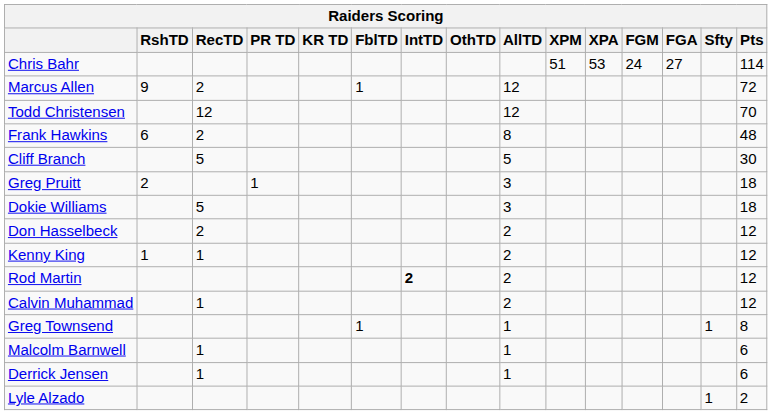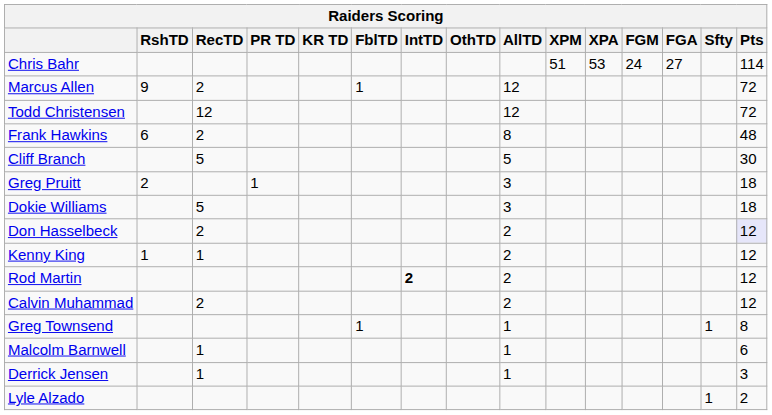 <table class="wikitable">
 <tr>
 <th colspan="15">Raiders Scoring</th>
 </tr>
 <tr>
 <th></th>
 <th>RshTD</th>
 <th>RecTD</th>
 <th>PR TD</th>
 <th>KR TD</th>
 <th>FblTD</th>
 <th>IntTD</th>
 <th>OthTD</th>
 <th>AllTD</th>
 <th>XPM</th>
 <th>XPA</th>
 <th>FGM</th>
 <th>FGA</th>
 <th>Sfty</th>
 <th>Pts</th>
 </tr>
 <tr>
 <td><a href='#'>Chris Bahr</a></td>
 <td></td>
 <td></td>
 <td></td>
 <td></td>
 <td></td>
 <td></td>
 <td></td>
 <td></td>
 <td>51</td>
 <td>53</td>
 <td>24</td>
 <td>27</td>
 <td></td>
 <td>114</td>
 </tr>
 <tr>
 <td><a href='#'>Marcus Allen</a></td>
 <td>9</td>
 <td>2</td>
 <td></td>
 <td></td>
 <td>1</td>
 <td></td>
 <td></td>
 <td>12</td>
 <td></td>
 <td></td>
 <td></td>
 <td></td>
 <td></td>
 <td>72</td>
 </tr>
 <tr>
 <td><a href='#'>Todd Christensen</a></td>
 <td></td>
 <td>12</td>
 <td></td>
 <td></td>
 <td></td>
 <td></td>
 <td></td>
 <td>12</td>
 <td></td>
 <td></td>
 <td></td>
 <td></td>
 <td></td>
-<td>70</td>
+<td>72</td>
 </tr>
 <tr>
 <td><a href='#'>Frank Hawkins</a></td>
 <td>6</td>
 <td>2</td>
 <td></td>
 <td></td>
 <td></td>
 <td></td>
 <td></td>
 <td>8</td>
 <td></td>
 <td></td>
 <td></td>
 <td></td>
 <td></td>
 <td>48</td>
 </tr>
 <tr>
 <td><a href='#'>Cliff Branch</a></td>
 <td></td>
 <td>5</td>
 <td></td>
 <td></td>
 <td></td>
 <td></td>
 <td></td>
 <td>5</td>
 <td></td>
 <td></td>
 <td></td>
 <td></td>
 <td></td>
 <td>30</td>
 </tr>
 <tr>
 <td><a href='#'>Greg Pruitt</a></td>
 <td>2</td>
 <td></td>
 <td>1</td>
 <td></td>
 <td></td>
 <td></td>
 <td></td>
 <td>3</td>
 <td></td>
 <td></td>
 <td></td>
 <td></td>
 <td></td>
 <td>18</td>
 </tr>
 <tr>
 <td><a href='#'>Dokie Williams</a></td>
 <td></td>
 <td>5</td>
 <td></td>
 <td></td>
 <td></td>
 <td></td>
 <td></td>
 <td>3</td>
 <td></td>
 <td></td>
 <td></td>
 <td></td>
 <td></td>
 <td>18</td>
 </tr>
 <tr>
 <td><a href='#'>Don Hasselbeck</a></td>
 <td></td>
 <td>2</td>
 <td></td>
 <td></td>
 <td></td>
 <td></td>
 <td></td>
 <td>2</td>
 <td></td>
 <td></td>
 <td></td>
 <td></td>
 <td></td>
-<td>12</td>
+<td style="background: lavender;">12</td>
 </tr>
 <tr>
 <td><a href='#'>Kenny King</a></td>
 <td>1</td>
 <td>1</td>
 <td></td>
 <td></td>
 <td></td>
 <td></td>
 <td></td>
 <td>2</td>
 <td></td>
 <td></td>
 <td></td>
 <td></td>
 <td></td>
 <td>12</td>
 </tr>
 <tr>
 <td><a href='#'>Rod Martin</a></td>
 <td></td>
 <td></td>
 <td></td>
 <td></td>
 <td></td>
 <td><strong>2</strong></td>
 <td></td>
 <td>2</td>
 <td></td>
 <td></td>
 <td></td>
 <td></td>
 <td></td>
 <td>12</td>
 </tr>
 <tr>
 <td><a href='#'>Calvin Muhammad</a></td>
 <td></td>
-<td>1</td>
+<td>2</td>
 <td></td>
 <td></td>
 <td></td>
 <td></td>
 <td></td>
 <td>2</td>
 <td></td>
 <td></td>
 <td></td>
 <td></td>
 <td></td>
 <td>12</td>
 </tr>
 <tr>
 <td><a href='#'>Greg Townsend</a></td>
 <td></td>
 <td></td>
 <td></td>
 <td></td>
 <td>1</td>
 <td></td>
 <td></td>
 <td>1</td>
 <td></td>
 <td></td>
 <td></td>
 <td></td>
 <td>1</td>
 <td>8</td>
 </tr>
 <tr>
 <td><a href='#'>Malcolm Barnwell</a></td>
 <td></td>
 <td>1</td>
 <td></td>
 <td></td>
 <td></td>
 <td></td>
 <td></td>
 <td>1</td>
 <td></td>
 <td></td>
 <td></td>
 <td></td>
 <td></td>
 <td>6</td>
 </tr>
 <tr>
 <td><a href='#'>Derrick Jensen</a></td>
 <td></td>
 <td>1</td>
 <td></td>
 <td></td>
 <td></td>
 <td></td>
 <td></td>
 <td>1</td>
 <td></td>
 <td></td>
 <td></td>
 <td></td>
 <td></td>
-<td>6</td>
+<td>3</td>
 </tr>
 <tr>
 <td><a href='#'>Lyle Alzado</a></td>
 <td></td>
 <td></td>
 <td></td>
 <td></td>
 <td></td>
 <td></td>
 <td></td>
 <td></td>
 <td></td>
 <td></td>
 <td></td>
 <td></td>
 <td>1</td>
 <td>2</td>
 </tr>
 </table>
